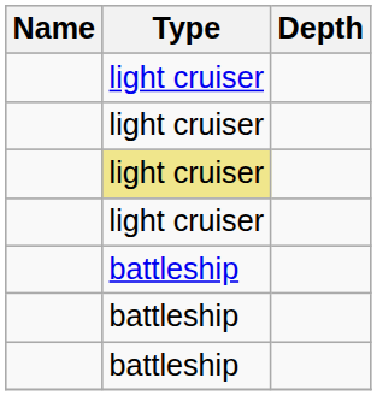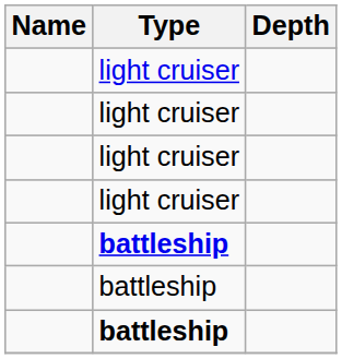 <table class="wikitable sortable">
 <tr>
 <th>Name</th>
 <th>Type</th>
 <th>Depth</th>
 </tr>
 <tr>
 <td></td>
 <td><a href='#'>light cruiser</a></td>
 <td></td>
 </tr>
 <tr>
 <td></td>
 <td>light cruiser</td>
 <td></td>
 </tr>
 <tr>
 <td></td>
-<td style="background: khaki;">light cruiser</td>
+<td>light cruiser</td>
 <td></td>
 </tr>
 <tr>
 <td></td>
 <td>light cruiser</td>
 <td></td>
 </tr>
 <tr>
 <td></td>
-<td><a href='#'>battleship</a></td>
+<td><strong><a href='#'>battleship</a></strong></td>
 <td></td>
 </tr>
 <tr>
 <td></td>
 <td>battleship</td>
 <td></td>
 </tr>
 <tr>
 <td></td>
-<td>battleship</td>
+<td><strong>battleship</strong></td>
 <td></td>
 </tr>
 <tr>
 </tr>
 </table>
